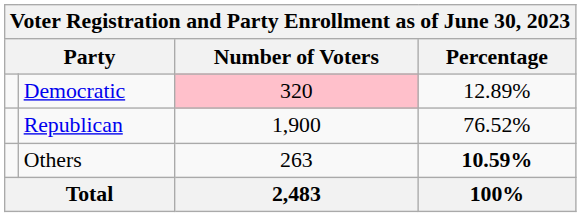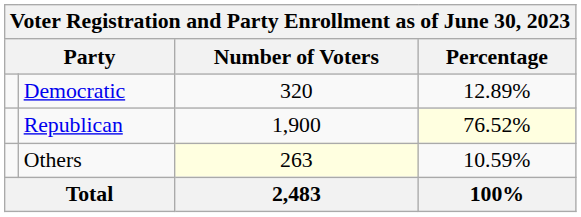 <table class=wikitable>
 <tr>
 <th colspan = 6>Voter Registration and Party Enrollment as of June 30, 2023</th>
 </tr>
 <tr>
 <th colspan = 2>Party</th>
 <th>Number of Voters</th>
 <th>Percentage</th>
 </tr>
 <tr>
 <td></td>
 <td><a href='#'>Democratic</a></td>
-<td align = center style="background: pink;">320</td>
+<td align = center>320</td>
 <td align = center>12.89%</td>
 </tr>
 <tr>
 <td></td>
 <td><a href='#'>Republican</a></td>
 <td align = center>1,900</td>
-<td align = center>76.52%</td>
+<td align = center style="background: lightyellow;">76.52%</td>
 </tr>
 <tr>
 <td></td>
 <td>Others</td>
-<td align = center>263</td>
-<td align = center><strong>10.59%</strong></td>
+<td align = center style="background: lightyellow;">263</td>
+<td align = center>10.59%</td>
 </tr>
 <tr>
 <th colspan = 2>Total</th>
 <th align = center>2,483</th>
 <th align = center>100%</th>
 </tr>
 </table>
